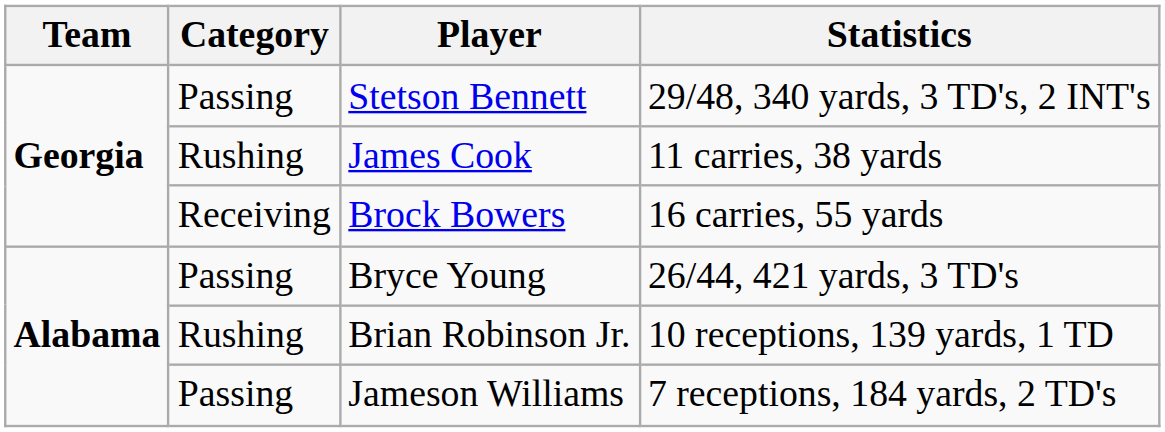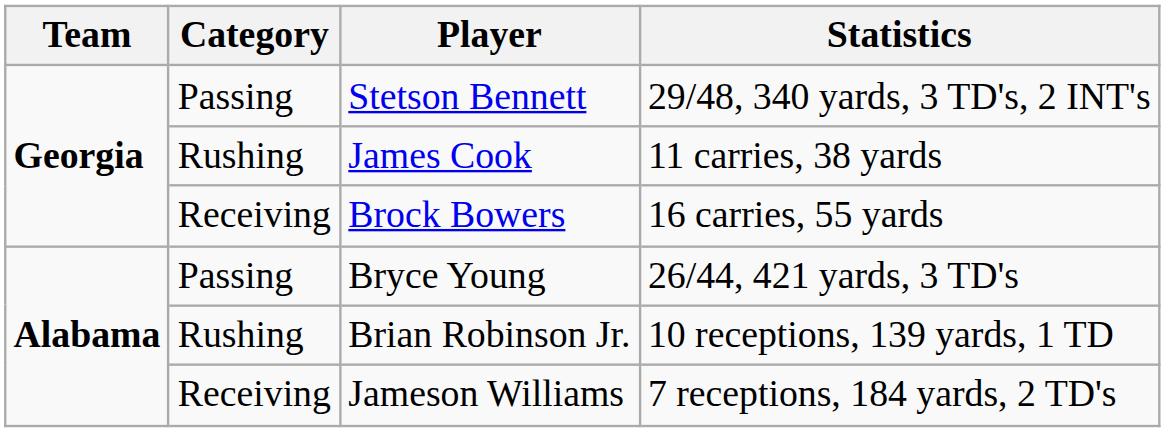 <table class="wikitable" style="float: right;">
 <tr>
 <th>Team</th>
 <th>Category</th>
 <th>Player</th>
 <th>Statistics</th>
 </tr>
 <tr>
 <td rowspan=3><strong>Georgia</strong></td>
 <td>Passing</td>
 <td><a href='#'>Stetson Bennett</a></td>
 <td>29/48, 340 yards, 3 TD's, 2 INT's</td>
 </tr>
 <tr>
 <td>Rushing</td>
 <td><a href='#'>James Cook</a></td>
 <td>11 carries, 38 yards</td>
 </tr>
 <tr>
 <td>Receiving</td>
 <td><a href='#'>Brock Bowers</a></td>
 <td>16 carries, 55 yards</td>
 </tr>
 <tr>
 <td rowspan=3><strong>Alabama</strong></td>
 <td>Passing</td>
 <td>Bryce Young</td>
 <td>26/44, 421 yards, 3 TD's</td>
 </tr>
 <tr>
 <td>Rushing</td>
 <td>Brian Robinson Jr.</td>
 <td>10 receptions, 139 yards, 1 TD</td>
 </tr>
 <tr>
-<td>Passing</td>
+<td>Receiving</td>
 <td>Jameson Williams</td>
 <td>7 receptions, 184 yards, 2 TD's</td>
 </tr>
 </table>
